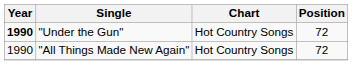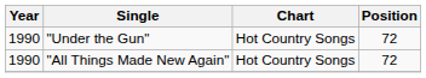 <table class="wikitable">
 <tr>
 <th>Year</th>
 <th>Single</th>
 <th>Chart</th>
 <th>Position</th>
 </tr>
 <tr>
-<td><strong>1990</strong></td>
+<td>1990</td>
 <td>"Under the Gun"</td>
 <td>Hot Country Songs</td>
 <td align="center">72</td>
 </tr>
 <tr>
 <td>1990</td>
 <td>"All Things Made New Again"</td>
 <td>Hot Country Songs</td>
 <td align="center">72</td>
 </tr>
 <tr>
 </tr>
 </table>
